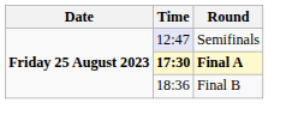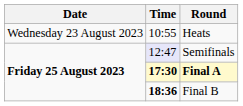 <table class="wikitable">
 <tr>
 <th>Date</th>
 <th>Time</th>
 <th>Round</th>
+</tr>
+<tr>
+<td>Wednesday 23 August 2023</td>
+<td>10:55</td>
+<td>Heats</td>
 </tr>
 <tr>
 <td rowspan=3><strong>Friday 25 August 2023</strong></td>
 <td style="background: lavender;">12:47</td>
 <td>Semifinals</td>
 </tr>
 <tr>
 <td style=background:lemonchiffon><strong>17:30</strong></td>
 <td style=background:lemonchiffon><strong>Final A</strong></td>
 </tr>
 <tr>
-<td>18:36</td>
+<td><strong>18:36</strong></td>
 <td>Final B</td>
 </tr>
 </table>
